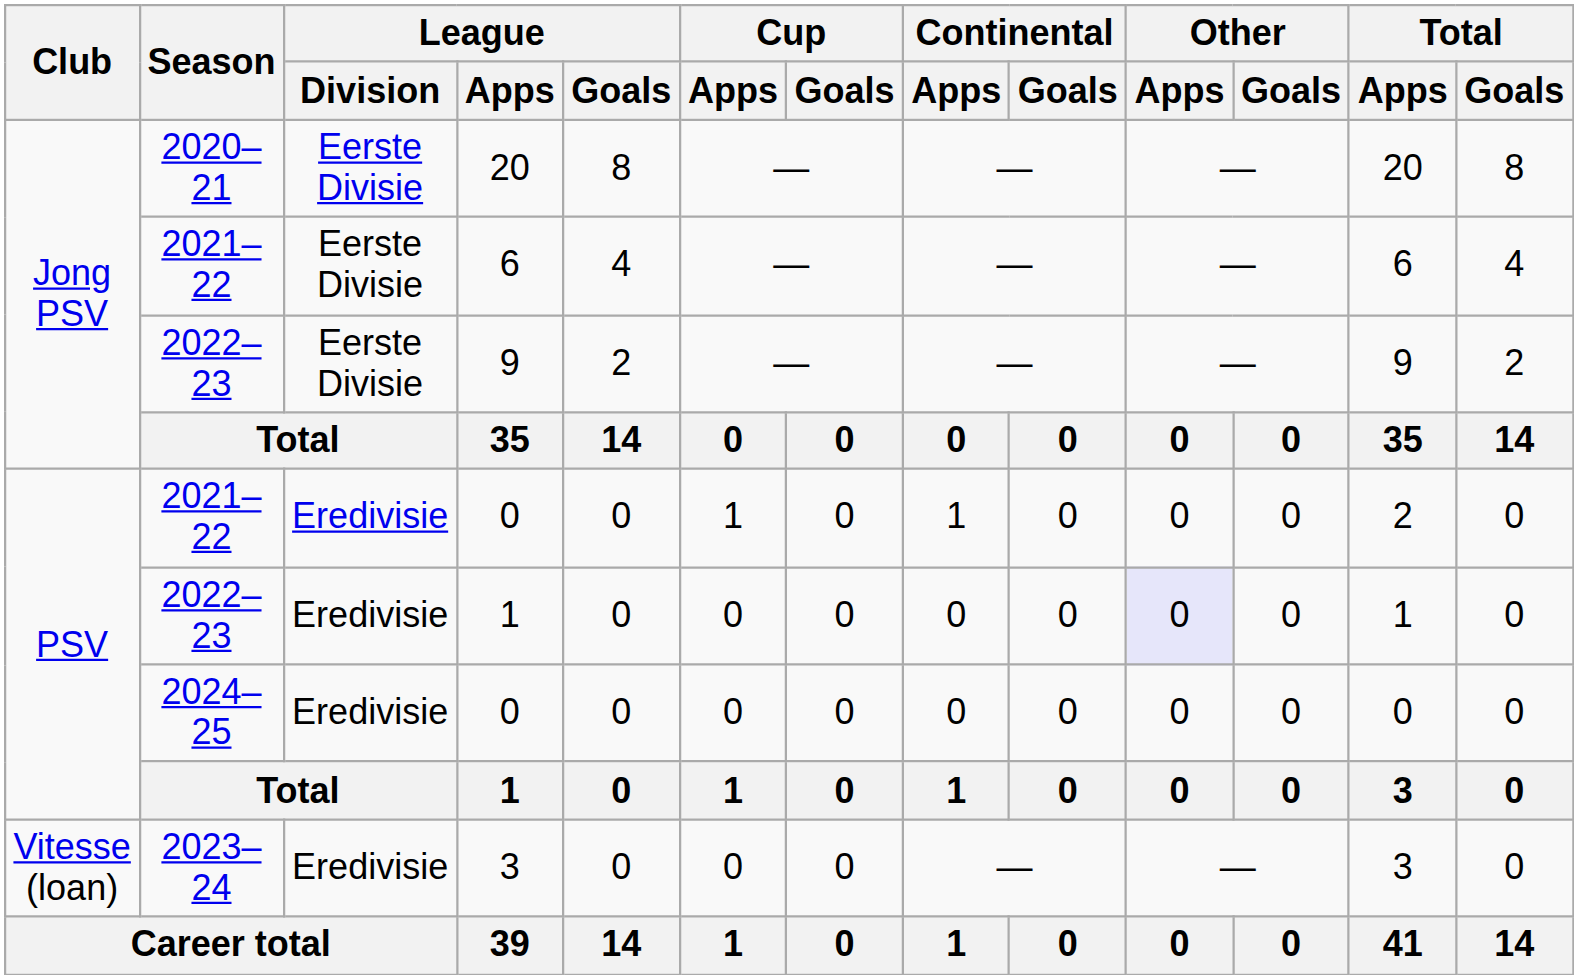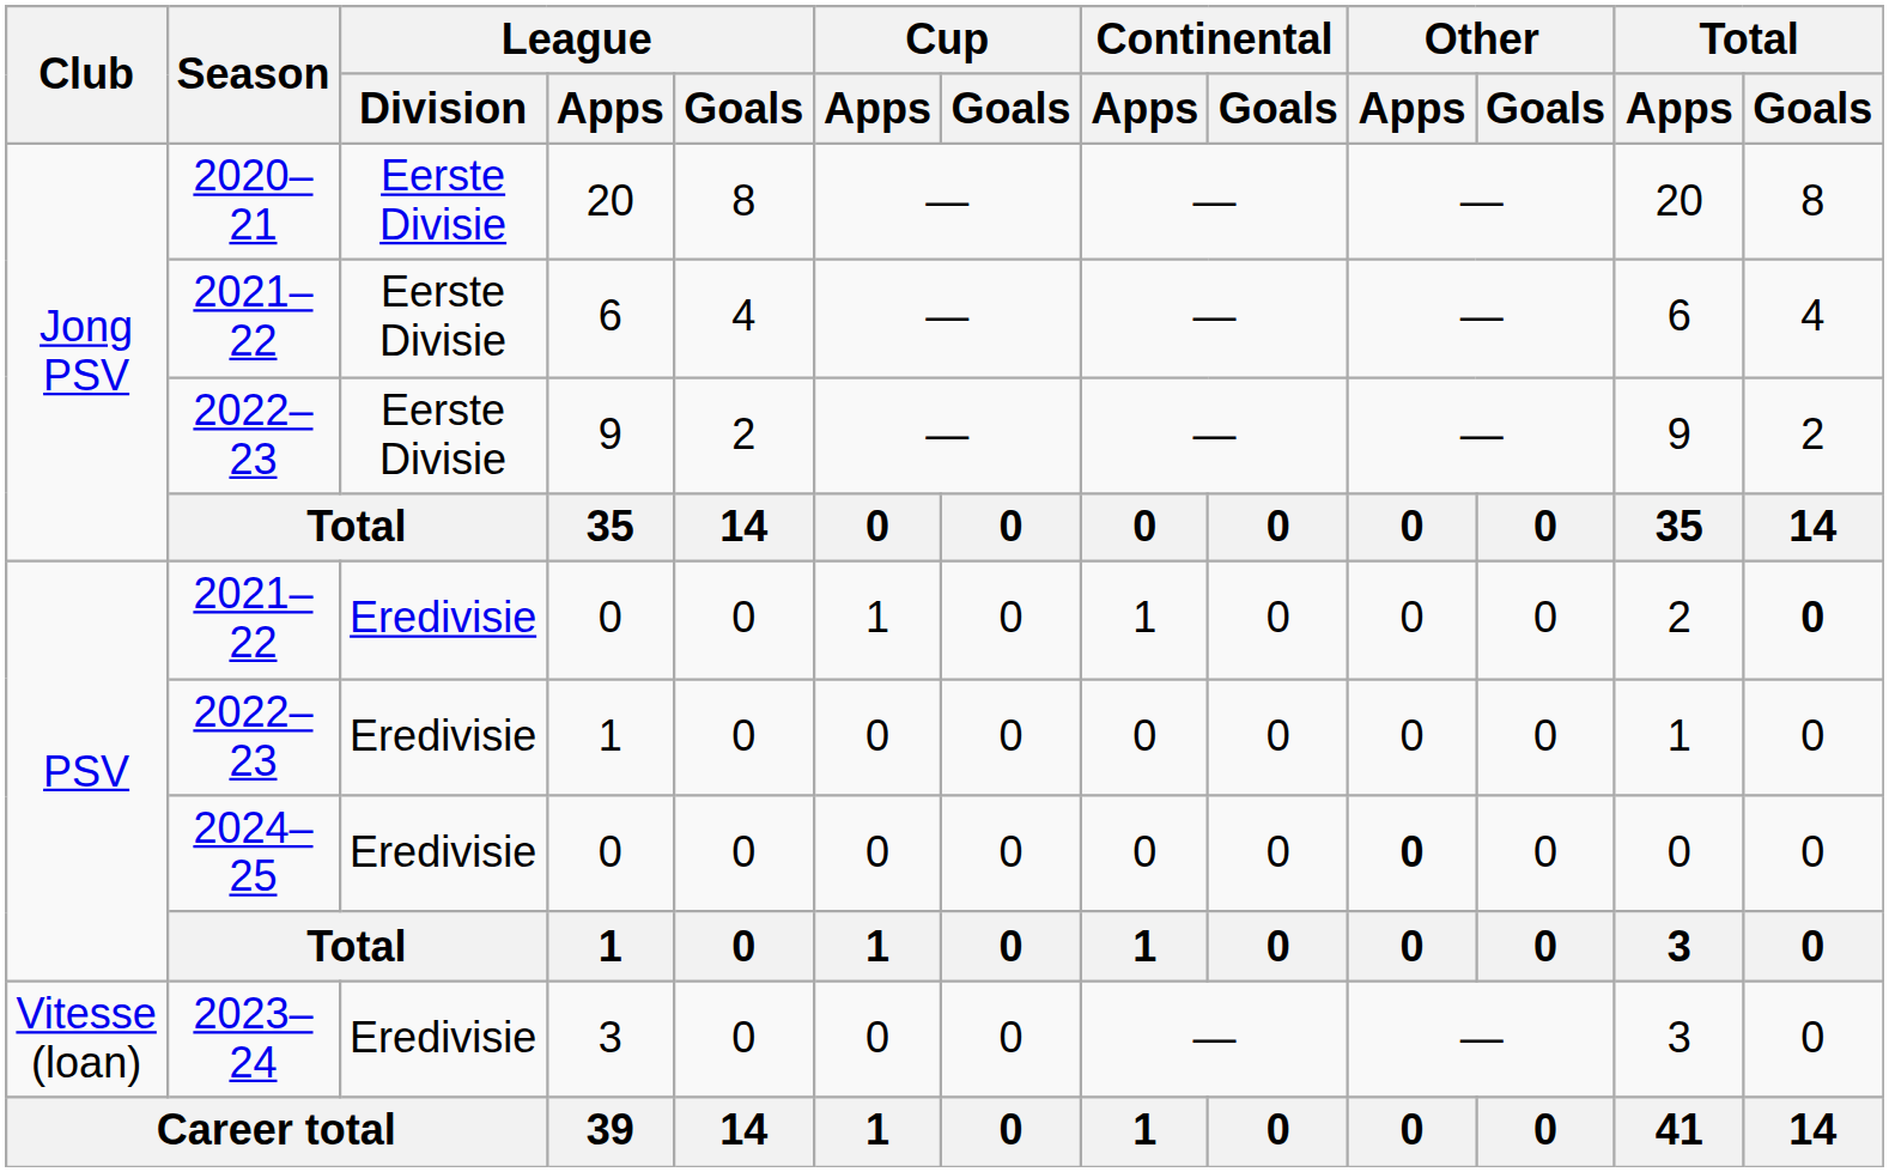 <table class="wikitable" Style="text-align: center">
 <tr>
 <th rowspan="2">Club</th>
 <th rowspan="2">Season</th>
 <th colspan="3">League</th>
 <th colspan="2">Cup</th>
 <th colspan="2">Continental</th>
 <th colspan="2">Other</th>
 <th colspan="2">Total</th>
 </tr>
 <tr>
 <th>Division</th>
 <th>Apps</th>
 <th>Goals</th>
 <th>Apps</th>
 <th>Goals</th>
 <th>Apps</th>
 <th>Goals</th>
 <th>Apps</th>
 <th>Goals</th>
 <th>Apps</th>
 <th>Goals</th>
 </tr>
 <tr>
 <td rowspan="4"><a href='#'>Jong PSV</a></td>
 <td><a href='#'>2020–21</a></td>
 <td><a href='#'>Eerste Divisie</a></td>
 <td>20</td>
 <td>8</td>
 <td colspan="2">—</td>
 <td colspan="2">—</td>
 <td colspan="2">—</td>
 <td>20</td>
 <td>8</td>
 </tr>
 <tr>
 <td><a href='#'>2021–22</a></td>
 <td>Eerste Divisie</td>
 <td>6</td>
 <td>4</td>
 <td colspan="2">—</td>
 <td colspan="2">—</td>
 <td colspan="2">—</td>
 <td>6</td>
 <td>4</td>
 </tr>
 <tr>
 <td><a href='#'>2022–23</a></td>
 <td>Eerste Divisie</td>
 <td>9</td>
 <td>2</td>
 <td colspan="2">—</td>
 <td colspan="2">—</td>
 <td colspan="2">—</td>
 <td>9</td>
 <td>2</td>
 </tr>
 <tr>
 <th colspan="2">Total</th>
 <th>35</th>
 <th>14</th>
 <th>0</th>
 <th>0</th>
 <th>0</th>
 <th>0</th>
 <th>0</th>
 <th>0</th>
 <th>35</th>
 <th>14</th>
 </tr>
 <tr>
 <td rowspan="4"><a href='#'>PSV</a></td>
 <td><a href='#'>2021–22</a></td>
 <td><a href='#'>Eredivisie</a></td>
 <td>0</td>
 <td>0</td>
 <td>1</td>
 <td>0</td>
 <td>1</td>
 <td>0</td>
 <td>0</td>
 <td>0</td>
 <td>2</td>
-<td>0</td>
+<td><strong>0</strong></td>
 </tr>
 <tr>
 <td><a href='#'>2022–23</a></td>
 <td>Eredivisie</td>
 <td>1</td>
 <td>0</td>
 <td>0</td>
 <td>0</td>
 <td>0</td>
 <td>0</td>
-<td style="background: lavender;">0</td>
+<td>0</td>
 <td>0</td>
 <td>1</td>
 <td>0</td>
 </tr>
 <tr>
 <td><a href='#'>2024–25</a></td>
 <td>Eredivisie</td>
 <td>0</td>
 <td>0</td>
 <td>0</td>
 <td>0</td>
 <td>0</td>
 <td>0</td>
-<td>0</td>
+<td><strong>0</strong></td>
 <td>0</td>
 <td>0</td>
 <td>0</td>
 </tr>
 <tr>
 <th colspan="2">Total</th>
 <th>1</th>
 <th>0</th>
 <th>1</th>
 <th>0</th>
 <th>1</th>
 <th>0</th>
 <th>0</th>
 <th>0</th>
 <th>3</th>
 <th>0</th>
 </tr>
 <tr>
 <td><a href='#'>Vitesse</a> (loan)</td>
 <td><a href='#'>2023–24</a></td>
 <td>Eredivisie</td>
 <td>3</td>
 <td>0</td>
 <td>0</td>
 <td>0</td>
 <td colspan="2">—</td>
 <td colspan="2">—</td>
 <td>3</td>
 <td>0</td>
 </tr>
 <tr>
 <th colspan="3">Career total</th>
 <th>39</th>
 <th>14</th>
 <th>1</th>
 <th>0</th>
 <th>1</th>
 <th>0</th>
 <th>0</th>
 <th>0</th>
 <th>41</th>
 <th>14</th>
 </tr>
 </table>
